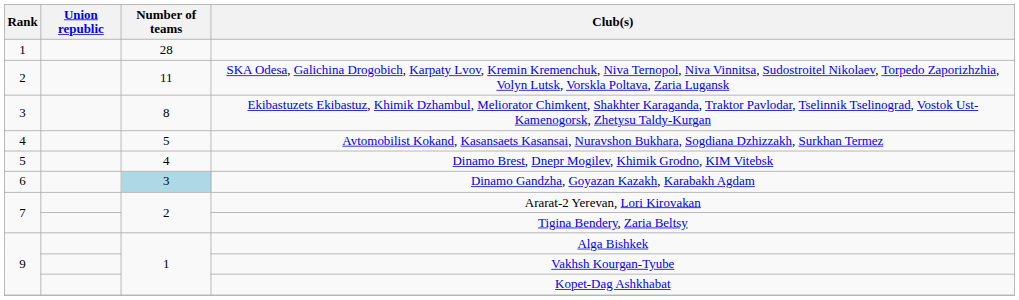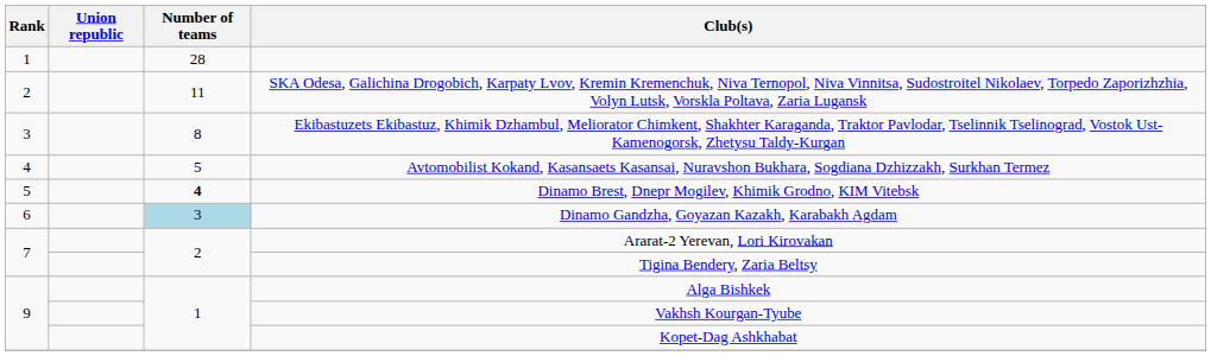 <table class="wikitable">
 <tr>
 <th>Rank</th>
 <th><a href='#'>Union republic</a></th>
 <th>Number of teams</th>
 <th>Club(s)</th>
 </tr>
 <tr>
 <td align="center">1</td>
 <td></td>
 <td align="center">28</td>
 <td align="center"></td>
 </tr>
 <tr>
 <td align="center">2</td>
 <td></td>
 <td align="center">11</td>
 <td align="center"><a href='#'>SKA Odesa</a>, <a href='#'>Galichina Drogobich</a>, <a href='#'>Karpaty Lvov</a>, <a href='#'>Kremin Kremenchuk</a>, <a href='#'>Niva Ternopol</a>, <a href='#'>Niva Vinnitsa</a>, <a href='#'>Sudostroitel Nikolaev</a>, <a href='#'>Torpedo Zaporizhzhia</a>, <a href='#'>Volyn Lutsk</a>, <a href='#'>Vorskla Poltava</a>, <a href='#'>Zaria Lugansk</a></td>
 </tr>
 <tr>
 <td align="center">3</td>
 <td></td>
 <td align="center">8</td>
 <td align="center"><a href='#'>Ekibastuzets Ekibastuz</a>, <a href='#'>Khimik Dzhambul</a>, <a href='#'>Meliorator Chimkent</a>, <a href='#'>Shakhter Karaganda</a>, <a href='#'>Traktor Pavlodar</a>, <a href='#'>Tselinnik Tselinograd</a>, <a href='#'>Vostok Ust-Kamenogorsk</a>, <a href='#'>Zhetysu Taldy-Kurgan</a></td>
 </tr>
 <tr>
 <td align="center">4</td>
 <td></td>
 <td align="center">5</td>
 <td align="center"><a href='#'>Avtomobilist Kokand</a>, <a href='#'>Kasansaets Kasansai</a>, <a href='#'>Nuravshon Bukhara</a>, <a href='#'>Sogdiana Dzhizzakh</a>, <a href='#'>Surkhan Termez</a></td>
 </tr>
 <tr>
 <td align="center">5</td>
 <td></td>
-<td align="center">4</td>
+<td align="center"><strong>4</strong></td>
 <td align="center"><a href='#'>Dinamo Brest</a>, <a href='#'>Dnepr Mogilev</a>, <a href='#'>Khimik Grodno</a>, <a href='#'>KIM Vitebsk</a></td>
 </tr>
 <tr>
 <td align="center">6</td>
 <td></td>
 <td align="center" style="background: lightblue;">3</td>
 <td align="center"><a href='#'>Dinamo Gandzha</a>, <a href='#'>Goyazan Kazakh</a>, <a href='#'>Karabakh Agdam</a></td>
 </tr>
 <tr>
 <td align="center" rowspan=2>7</td>
 <td></td>
 <td align="center" rowspan=2>2</td>
 <td align="center">Ararat-2 Yerevan, <a href='#'>Lori Kirovakan</a></td>
 </tr>
 <tr>
 <td></td>
 <td align="center"><a href='#'>Tigina Bendery</a>, <a href='#'>Zaria Beltsy</a></td>
 </tr>
 <tr>
 <td align="center" rowspan=3>9</td>
 <td></td>
 <td align="center" rowspan=3>1</td>
 <td align="center"><a href='#'>Alga Bishkek</a></td>
 </tr>
 <tr>
 <td></td>
 <td align="center"><a href='#'>Vakhsh Kourgan‑Tyube</a></td>
 </tr>
 <tr>
 <td></td>
 <td align="center"><a href='#'>Kopet-Dag Ashkhabat</a></td>
 </tr>
 <tr>
 </tr>
 </table>
